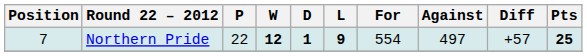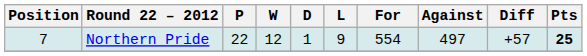 <table class="wikitable" style="text-align:center; font-size:85%;">
 <tr>
 <th width=40 abbr="Position">Position</th>
 <th width=100>Round 22 – 2012</th>
 <th width=20 abbr="Played">P</th>
 <th width=20 abbr="Won">W</th>
 <th width=20 abbr="Drawn">D</th>
 <th width=20 abbr="Lost">L</th>
 <th width=40 abbr="Points for">For</th>
 <th width=40 abbr="Points against">Against</th>
 <th width=40 abbr="Points difference">Diff</th>
 <th width=20 abbr="Points">Pts</th>
 </tr>
 <tr style="background: #d7ebed;">
 <td>7</td>
 <td style="text-align:left;"> <a href='#'>Northern Pride</a></td>
 <td>22</td>
-<td><strong>12</strong></td>
-<td><strong>1</strong></td>
-<td><strong>9</strong></td>
+<td>12</td>
+<td>1</td>
+<td>9</td>
 <td>554</td>
 <td>497</td>
 <td>+57</td>
 <td><strong>25</strong></td>
 </tr>
 <tr>
 </tr>
 </table>
